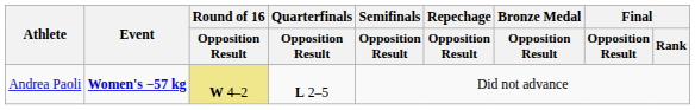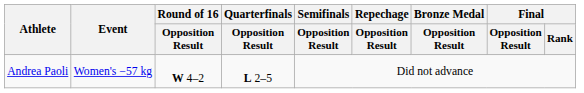 <table class="wikitable" style="font-size:90%;">
 <tr>
 <th rowspan=2>Athlete</th>
 <th rowspan=2>Event</th>
 <th>Round of 16</th>
 <th>Quarterfinals</th>
 <th>Semifinals</th>
 <th>Repechage</th>
 <th>Bronze Medal</th>
 <th colspan=2>Final</th>
 </tr>
 <tr style="font-size:95%">
 <th>Opposition<br>Result</th>
 <th>Opposition<br>Result</th>
 <th>Opposition<br>Result</th>
 <th>Opposition<br>Result</th>
 <th>Opposition<br>Result</th>
 <th>Opposition<br>Result</th>
 <th>Rank</th>
 </tr>
 <tr align=center>
 <td align=left><a href='#'>Andrea Paoli</a></td>
-<td align=left><strong><a href='#'>Women's −57 kg</a></strong></td>
-<td style="background: khaki;"><br><strong>W</strong> 4–2</td>
+<td align=left><a href='#'>Women's −57 kg</a></td>
+<td><br><strong>W</strong> 4–2</td>
 <td><br><strong>L</strong> 2–5</td>
 <td colspan=5>Did not advance</td>
 </tr>
 </table>
